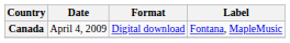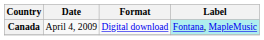 <table class="wikitable plainrowheaders">
 <tr>
 <th scope="col">Country</th>
 <th scope="col">Date</th>
 <th scope="col">Format</th>
 <th scope="col">Label</th>
 </tr>
 <tr>
 <th scope="row">Canada</th>
 <td>April 4, 2009</td>
 <td><a href='#'>Digital download</a></td>
-<td><a href='#'>Fontana</a>, <a href='#'>MapleMusic</a></td>
+<td style="background: paleturquoise;"><a href='#'>Fontana</a>, <a href='#'>MapleMusic</a></td>
 </tr>
 <tr>
 </tr>
 </table>
